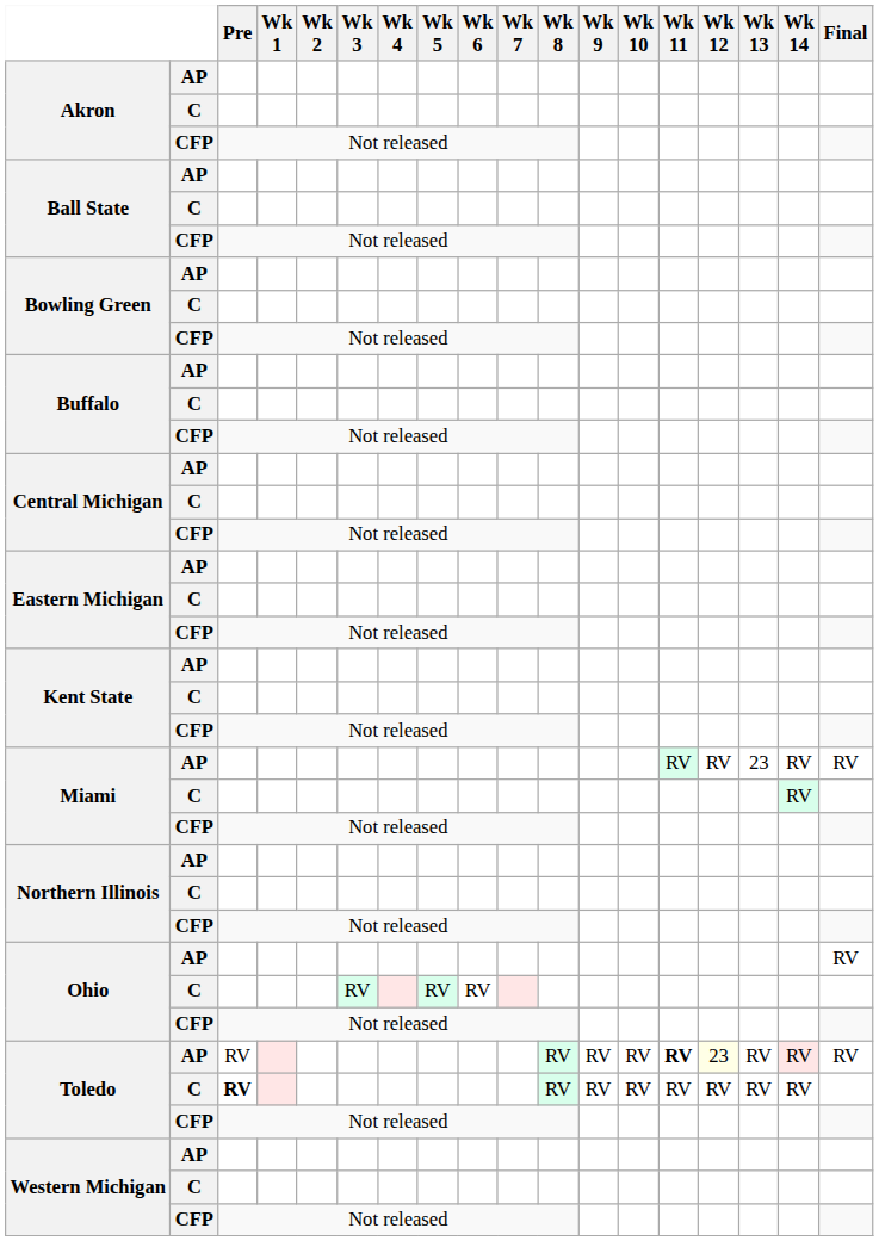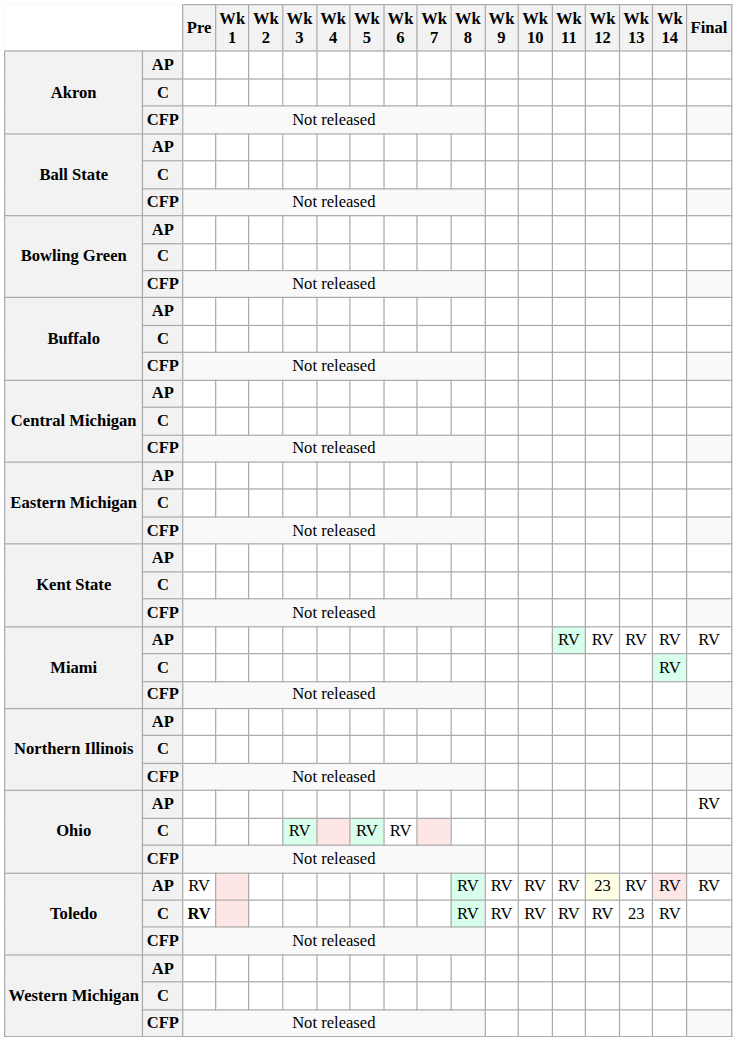 <table class="wikitable" style="white-space:nowrap;font-size:85%;">
 <tr>
 <th colspan=2 style="background:white; border-top-style:hidden; border-left-style:hidden;"> </th>
 <th>Pre</th>
 <th>Wk<br>1</th>
 <th>Wk<br>2</th>
 <th>Wk<br>3</th>
 <th>Wk<br>4</th>
 <th>Wk<br>5</th>
 <th>Wk<br>6</th>
 <th>Wk<br>7</th>
 <th>Wk<br>8</th>
 <th>Wk<br>9</th>
 <th>Wk<br>10</th>
 <th>Wk<br>11</th>
 <th>Wk<br>12</th>
 <th>Wk<br>13</th>
 <th>Wk<br>14</th>
 <th>Final</th>
 </tr>
 <tr style="text-align:center;">
 <th rowspan="3">Akron</th>
 <th>AP</th>
 <td style="background:#FFF;"></td>
 <td style="background:#FFF;"></td>
 <td style="background:#FFF;"></td>
 <td style="background:#FFF;"></td>
 <td style="background:#FFF;"></td>
 <td style="background:#FFF;"></td>
 <td style="background:#FFF;"></td>
 <td style="background:#FFF;"></td>
 <td style="background:#FFF;"></td>
 <td style="background:#FFF;"></td>
 <td style="background:#FFF;"></td>
 <td style="background:#FFF;"></td>
 <td style="background:#FFF;"></td>
 <td style="background:#FFF;"></td>
 <td style="background:#FFF;"></td>
 <td style="background:#FFF;"></td>
 </tr>
 <tr style="text-align:center;">
 <th>C</th>
 <td style="background:#FFF;"></td>
 <td style="background:#FFF;"></td>
 <td style="background:#FFF;"></td>
 <td style="background:#FFF;"></td>
 <td style="background:#FFF;"></td>
 <td style="background:#FFF;"></td>
 <td style="background:#FFF;"></td>
 <td style="background:#FFF;"></td>
 <td style="background:#FFF;"></td>
 <td style="background:#FFF;"></td>
 <td style="background:#FFF;"></td>
 <td style="background:#FFF;"></td>
 <td style="background:#FFF;"></td>
 <td style="background:#FFF;"></td>
 <td style="background:#FFF;"></td>
 <td style="background:#FFF;"></td>
 </tr>
 <tr style="text-align:center;">
 <th>CFP</th>
 <td colspan="9" style="text-align:center;">Not released</td>
 <td style="background:#FFF;"></td>
 <td style="background:#FFF;"></td>
 <td style="background:#FFF;"></td>
 <td style="background:#FFF;"></td>
 <td style="background:#FFF;"></td>
 <td style="background:#FFF;"></td>
 <td style="text-align:center;"></td>
 </tr>
 <tr style="text-align:center;">
 <th rowspan="3">Ball State</th>
 <th>AP</th>
 <td style="background:#FFF;"></td>
 <td style="background:#FFF;"></td>
 <td style="background:#FFF;"></td>
 <td style="background:#FFF;"></td>
 <td style="background:#FFF;"></td>
 <td style="background:#FFF;"></td>
 <td style="background:#FFF;"></td>
 <td style="background:#FFF;"></td>
 <td style="background:#FFF;"></td>
 <td style="background:#FFF;"></td>
 <td style="background:#FFF;"></td>
 <td style="background:#FFF;"></td>
 <td style="background:#FFF;"></td>
 <td style="background:#FFF;"></td>
 <td style="background:#FFF;"></td>
 <td style="background:#FFF;"></td>
 </tr>
 <tr style="text-align:center;">
 <th>C</th>
 <td style="background:#FFF;"></td>
 <td style="background:#FFF;"></td>
 <td style="background:#FFF;"></td>
 <td style="background:#FFF;"></td>
 <td style="background:#FFF;"></td>
 <td style="background:#FFF;"></td>
 <td style="background:#FFF;"></td>
 <td style="background:#FFF;"></td>
 <td style="background:#FFF;"></td>
 <td style="background:#FFF;"></td>
 <td style="background:#FFF;"></td>
 <td style="background:#FFF;"></td>
 <td style="background:#FFF;"></td>
 <td style="background:#FFF;"></td>
 <td style="background:#FFF;"></td>
 <td style="background:#FFF;"></td>
 </tr>
 <tr style="text-align:center;">
 <th>CFP</th>
 <td colspan="9" style="text-align:center;">Not released</td>
 <td style="background:#FFF;"></td>
 <td style="background:#FFF;"></td>
 <td style="background:#FFF;"></td>
 <td style="background:#FFF;"></td>
 <td style="background:#FFF;"></td>
 <td style="background:#FFF;"></td>
 <td style="text-align:center;"></td>
 </tr>
 <tr style="text-align:center;">
 <th rowspan="3">Bowling Green</th>
 <th>AP</th>
 <td style="background:#FFF;"></td>
 <td style="background:#FFF;"></td>
 <td style="background:#FFF;"></td>
 <td style="background:#FFF;"></td>
 <td style="background:#FFF;"></td>
 <td style="background:#FFF;"></td>
 <td style="background:#FFF;"></td>
 <td style="background:#FFF;"></td>
 <td style="background:#FFF;"></td>
 <td style="background:#FFF;"></td>
 <td style="background:#FFF;"></td>
 <td style="background:#FFF;"></td>
 <td style="background:#FFF;"></td>
 <td style="background:#FFF;"></td>
 <td style="background:#FFF;"></td>
 <td style="background:#FFF;"></td>
 </tr>
 <tr style="text-align:center;">
 <th>C</th>
 <td style="background:#FFF;"></td>
 <td style="background:#FFF;"></td>
 <td style="background:#FFF;"></td>
 <td style="background:#FFF;"></td>
 <td style="background:#FFF;"></td>
 <td style="background:#FFF;"></td>
 <td style="background:#FFF;"></td>
 <td style="background:#FFF;"></td>
 <td style="background:#FFF;"></td>
 <td style="background:#FFF;"></td>
 <td style="background:#FFF;"></td>
 <td style="background:#FFF;"></td>
 <td style="background:#FFF;"></td>
 <td style="background:#FFF;"></td>
 <td style="background:#FFF;"></td>
 <td style="background:#FFF;"></td>
 </tr>
 <tr style="text-align:center;">
 <th>CFP</th>
 <td colspan="9" style="text-align:center;">Not released</td>
 <td style="background:#FFF;"></td>
 <td style="background:#FFF;"></td>
 <td style="background:#FFF;"></td>
 <td style="background:#FFF;"></td>
 <td style="background:#FFF;"></td>
 <td style="background:#FFF;"></td>
 <td style="text-align:center;"></td>
 </tr>
 <tr style="text-align:center;">
 <th rowspan="3">Buffalo</th>
 <th>AP</th>
 <td style="background:#FFF;"></td>
 <td style="background:#FFF;"></td>
 <td style="background:#FFF;"></td>
 <td style="background:#FFF;"></td>
 <td style="background:#FFF;"></td>
 <td style="background:#FFF;"></td>
 <td style="background:#FFF;"></td>
 <td style="background:#FFF;"></td>
 <td style="background:#FFF;"></td>
 <td style="background:#FFF;"></td>
 <td style="background:#FFF;"></td>
 <td style="background:#FFF;"></td>
 <td style="background:#FFF;"></td>
 <td style="background:#FFF;"></td>
 <td style="background:#FFF;"></td>
 <td style="background:#FFF;"></td>
 </tr>
 <tr style="text-align:center;">
 <th>C</th>
 <td style="background:#FFF;"></td>
 <td style="background:#FFF;"></td>
 <td style="background:#FFF;"></td>
 <td style="background:#FFF;"></td>
 <td style="background:#FFF;"></td>
 <td style="background:#FFF;"></td>
 <td style="background:#FFF;"></td>
 <td style="background:#FFF;"></td>
 <td style="background:#FFF;"></td>
 <td style="background:#FFF;"></td>
 <td style="background:#FFF;"></td>
 <td style="background:#FFF;"></td>
 <td style="background:#FFF;"></td>
 <td style="background:#FFF;"></td>
 <td style="background:#FFF;"></td>
 <td style="background:#FFF;"></td>
 </tr>
 <tr style="text-align:center;">
 <th>CFP</th>
 <td colspan="9" style="text-align:center;">Not released</td>
 <td style="background:#FFF;"></td>
 <td style="background:#FFF;"></td>
 <td style="background:#FFF;"></td>
 <td style="background:#FFF;"></td>
 <td style="background:#FFF;"></td>
 <td style="background:#FFF;"></td>
 <td style="text-align:center;"></td>
 </tr>
 <tr style="text-align:center;">
 <th rowspan="3">Central Michigan</th>
 <th>AP</th>
 <td style="background:#FFF;"></td>
 <td style="background:#FFF;"></td>
 <td style="background:#FFF;"></td>
 <td style="background:#FFF;"></td>
 <td style="background:#FFF;"></td>
 <td style="background:#FFF;"></td>
 <td style="background:#FFF;"></td>
 <td style="background:#FFF;"></td>
 <td style="background:#FFF;"></td>
 <td style="background:#FFF;"></td>
 <td style="background:#FFF;"></td>
 <td style="background:#FFF;"></td>
 <td style="background:#FFF;"></td>
 <td style="background:#FFF;"></td>
 <td style="background:#FFF;"></td>
 <td style="background:#FFF;"></td>
 </tr>
 <tr style="text-align:center;">
 <th>C</th>
 <td style="background:#FFF;"></td>
 <td style="background:#FFF;"></td>
 <td style="background:#FFF;"></td>
 <td style="background:#FFF;"></td>
 <td style="background:#FFF;"></td>
 <td style="background:#FFF;"></td>
 <td style="background:#FFF;"></td>
 <td style="background:#FFF;"></td>
 <td style="background:#FFF;"></td>
 <td style="background:#FFF;"></td>
 <td style="background:#FFF;"></td>
 <td style="background:#FFF;"></td>
 <td style="background:#FFF;"></td>
 <td style="background:#FFF;"></td>
 <td style="background:#FFF;"></td>
 <td style="background:#FFF;"></td>
 </tr>
 <tr style="text-align:center;">
 <th>CFP</th>
 <td colspan="9" style="text-align:center;">Not released</td>
 <td style="background:#FFF;"></td>
 <td style="background:#FFF;"></td>
 <td style="background:#FFF;"></td>
 <td style="background:#FFF;"></td>
 <td style="background:#FFF;"></td>
 <td style="background:#FFF;"></td>
 <td style="text-align:center;"></td>
 </tr>
 <tr style="text-align:center;">
 <th rowspan="3">Eastern Michigan</th>
 <th>AP</th>
 <td style="background:#FFF;"></td>
 <td style="background:#FFF;"></td>
 <td style="background:#FFF;"></td>
 <td style="background:#FFF;"></td>
 <td style="background:#FFF;"></td>
 <td style="background:#FFF;"></td>
 <td style="background:#FFF;"></td>
 <td style="background:#FFF;"></td>
 <td style="background:#FFF;"></td>
 <td style="background:#FFF;"></td>
 <td style="background:#FFF;"></td>
 <td style="background:#FFF;"></td>
 <td style="background:#FFF;"></td>
 <td style="background:#FFF;"></td>
 <td style="background:#FFF;"></td>
 <td style="background:#FFF;"></td>
 </tr>
 <tr style="text-align:center;">
 <th>C</th>
 <td style="background:#FFF;"></td>
 <td style="background:#FFF;"></td>
 <td style="background:#FFF;"></td>
 <td style="background:#FFF;"></td>
 <td style="background:#FFF;"></td>
 <td style="background:#FFF;"></td>
 <td style="background:#FFF;"></td>
 <td style="background:#FFF;"></td>
 <td style="background:#FFF;"></td>
 <td style="background:#FFF;"></td>
 <td style="background:#FFF;"></td>
 <td style="background:#FFF;"></td>
 <td style="background:#FFF;"></td>
 <td style="background:#FFF;"></td>
 <td style="background:#FFF;"></td>
 <td style="background:#FFF;"></td>
 </tr>
 <tr style="text-align:center;">
 <th>CFP</th>
 <td colspan="9" style="text-align:center;">Not released</td>
 <td style="background:#FFF;"></td>
 <td style="background:#FFF;"></td>
 <td style="background:#FFF;"></td>
 <td style="background:#FFF;"></td>
 <td style="background:#FFF;"></td>
 <td style="background:#FFF;"></td>
 <td style="text-align:center;"></td>
 </tr>
 <tr style="text-align:center;">
 <th rowspan="3">Kent State</th>
 <th>AP</th>
 <td style="background:#FFF;"></td>
 <td style="background:#FFF;"></td>
 <td style="background:#FFF;"></td>
 <td style="background:#FFF;"></td>
 <td style="background:#FFF;"></td>
 <td style="background:#FFF;"></td>
 <td style="background:#FFF;"></td>
 <td style="background:#FFF;"></td>
 <td style="background:#FFF;"></td>
 <td style="background:#FFF;"></td>
 <td style="background:#FFF;"></td>
 <td style="background:#FFF;"></td>
 <td style="background:#FFF;"></td>
 <td style="background:#FFF;"></td>
 <td style="background:#FFF;"></td>
 <td style="background:#FFF;"></td>
 </tr>
 <tr style="text-align:center;">
 <th>C</th>
 <td style="background:#FFF;"></td>
 <td style="background:#FFF;"></td>
 <td style="background:#FFF;"></td>
 <td style="background:#FFF;"></td>
 <td style="background:#FFF;"></td>
 <td style="background:#FFF;"></td>
 <td style="background:#FFF;"></td>
 <td style="background:#FFF;"></td>
 <td style="background:#FFF;"></td>
 <td style="background:#FFF;"></td>
 <td style="background:#FFF;"></td>
 <td style="background:#FFF;"></td>
 <td style="background:#FFF;"></td>
 <td style="background:#FFF;"></td>
 <td style="background:#FFF;"></td>
 <td style="background:#FFF;"></td>
 </tr>
 <tr style="text-align:center;">
 <th>CFP</th>
 <td colspan="9" style="text-align:center;">Not released</td>
 <td style="background:#FFF;"></td>
 <td style="background:#FFF;"></td>
 <td style="background:#FFF;"></td>
 <td style="background:#FFF;"></td>
 <td style="background:#FFF;"></td>
 <td style="background:#FFF;"></td>
 <td style="text-align:center;"></td>
 </tr>
 <tr style="text-align:center;">
 <th rowspan="3">Miami</th>
 <th>AP</th>
 <td style="background:#FFF;"></td>
 <td style="background:#FFF;"></td>
 <td style="background:#FFF;"></td>
 <td style="background:#FFF;"></td>
 <td style="background:#FFF;"></td>
 <td style="background:#FFF;"></td>
 <td style="background:#FFF;"></td>
 <td style="background:#FFF;"></td>
 <td style="background:#FFF;"></td>
 <td style="background:#FFF;"></td>
 <td style="background:#FFF;"></td>
 <td style="background:#d8ffeb;">RV</td>
 <td style="background:#FFF;">RV</td>
-<td style="background:#FFF;">23</td>
+<td style="background:#FFF;">RV</td>
 <td style="background:#FFF;">RV</td>
 <td style="background:#FFF;">RV</td>
 </tr>
 <tr style="text-align:center;">
 <th>C</th>
 <td style="background:#FFF;"></td>
 <td style="background:#FFF;"></td>
 <td style="background:#FFF;"></td>
 <td style="background:#FFF;"></td>
 <td style="background:#FFF;"></td>
 <td style="background:#FFF;"></td>
 <td style="background:#FFF;"></td>
 <td style="background:#FFF;"></td>
 <td style="background:#FFF;"></td>
 <td style="background:#FFF;"></td>
 <td style="background:#FFF;"></td>
 <td style="background:#FFF;"></td>
 <td style="background:#FFF;"></td>
 <td style="background:#FFF;"></td>
 <td style="background:#d8ffeb;">RV</td>
 <td style="background:#FFF;"></td>
 </tr>
 <tr style="text-align:center;">
 <th>CFP</th>
 <td colspan="9" style="text-align:center;">Not released</td>
 <td style="background:#FFF;"></td>
 <td style="background:#FFF;"></td>
 <td style="background:#FFF;"></td>
 <td style="background:#FFF;"></td>
 <td style="background:#FFF;"></td>
 <td style="background:#FFF;"></td>
 <td style="text-align:center;"></td>
 </tr>
 <tr style="text-align:center;">
 <th rowspan="3">Northern Illinois</th>
 <th>AP</th>
 <td style="background:#FFF;"></td>
 <td style="background:#FFF;"></td>
 <td style="background:#FFF;"></td>
 <td style="background:#FFF;"></td>
 <td style="background:#FFF;"></td>
 <td style="background:#FFF;"></td>
 <td style="background:#FFF;"></td>
 <td style="background:#FFF;"></td>
 <td style="background:#FFF;"></td>
 <td style="background:#FFF;"></td>
 <td style="background:#FFF;"></td>
 <td style="background:#FFF;"></td>
 <td style="background:#FFF;"></td>
 <td style="background:#FFF;"></td>
 <td style="background:#FFF;"></td>
 <td style="background:#FFF;"></td>
 </tr>
 <tr style="text-align:center;">
 <th>C</th>
 <td style="background:#FFF;"></td>
 <td style="background:#FFF;"></td>
 <td style="background:#FFF;"></td>
 <td style="background:#FFF;"></td>
 <td style="background:#FFF;"></td>
 <td style="background:#FFF;"></td>
 <td style="background:#FFF;"></td>
 <td style="background:#FFF;"></td>
 <td style="background:#FFF;"></td>
 <td style="background:#FFF;"></td>
 <td style="background:#FFF;"></td>
 <td style="background:#FFF;"></td>
 <td style="background:#FFF;"></td>
 <td style="background:#FFF;"></td>
 <td style="background:#FFF;"></td>
 <td style="background:#FFF;"></td>
 </tr>
 <tr style="text-align:center;">
 <th>CFP</th>
 <td colspan="9" style="text-align:center;">Not released</td>
 <td style="background:#FFF;"></td>
 <td style="background:#FFF;"></td>
 <td style="background:#FFF;"></td>
 <td style="background:#FFF;"></td>
 <td style="background:#FFF;"></td>
 <td style="background:#FFF;"></td>
 <td style="text-align:center;"></td>
 </tr>
 <tr style="text-align:center;">
 <th rowspan="3">Ohio</th>
 <th>AP</th>
 <td style="background:#FFF;"></td>
 <td style="background:#FFF;"></td>
 <td style="background:#FFF;"></td>
 <td style="background:#FFF;"></td>
 <td style="background:#FFF;"></td>
 <td style="background:#FFF;"></td>
 <td style="background:#FFF;"></td>
 <td style="background:#FFF;"></td>
 <td style="background:#FFF;"></td>
 <td style="background:#FFF;"></td>
 <td style="background:#FFF;"></td>
 <td style="background:#FFF;"></td>
 <td style="background:#FFF;"></td>
 <td style="background:#FFF;"></td>
 <td style="background:#FFF;"></td>
 <td style="background:#FFF;">RV</td>
 </tr>
 <tr style="text-align:center;">
 <th>C</th>
 <td style="background:#FFF;"></td>
 <td style="background:#FFF;"></td>
 <td style="background:#FFF;"></td>
 <td style="background:#d8ffeb;">RV</td>
 <td style="background:#ffe6e6;"></td>
 <td style="background:#d8ffeb;">RV</td>
 <td style="background:#FFF;">RV</td>
 <td style="background:#ffe6e6;"></td>
 <td style="background:#FFF;"></td>
 <td style="background:#FFF;"></td>
 <td style="background:#FFF;"></td>
 <td style="background:#FFF;"></td>
 <td style="background:#FFF;"></td>
 <td style="background:#FFF;"></td>
 <td style="background:#FFF;"></td>
 <td style="background:#FFF;"></td>
 </tr>
 <tr style="text-align:center;">
 <th>CFP</th>
 <td colspan="9" style="text-align:center;">Not released</td>
 <td style="background:#FFF;"></td>
 <td style="background:#FFF;"></td>
 <td style="background:#FFF;"></td>
 <td style="background:#FFF;"></td>
 <td style="background:#FFF;"></td>
 <td style="background:#FFF;"></td>
 <td style="text-align:center;"></td>
 </tr>
 <tr style="text-align:center;">
 <th rowspan="3">Toledo</th>
 <th>AP</th>
 <td style="background:#FFF;">RV</td>
 <td style="background:#ffe6e6;"></td>
 <td style="background:#FFF;"></td>
 <td style="background:#FFF;"></td>
 <td style="background:#FFF;"></td>
 <td style="background:#FFF;"></td>
 <td style="background:#FFF;"></td>
 <td style="background:#FFF;"></td>
 <td style="background:#d8ffeb;">RV</td>
 <td style="background:#FFF;">RV</td>
 <td style="background:#FFF;">RV</td>
-<td style="background:#FFF;"><strong>RV</strong></td>
+<td style="background:#FFF;">RV</td>
 <td style="background:#ffffe6;">23</td>
 <td style="background:#FFF;">RV</td>
 <td style="background:#ffe6e6;">RV</td>
 <td style="background:#FFF;">RV</td>
 </tr>
 <tr style="text-align:center;">
 <th>C</th>
 <td style="background:#FFF;"><strong>RV</strong></td>
 <td style="background:#ffe6e6;"></td>
 <td style="background:#FFF;"></td>
 <td style="background:#FFF;"></td>
 <td style="background:#FFF;"></td>
 <td style="background:#FFF;"></td>
 <td style="background:#FFF;"></td>
 <td style="background:#FFF;"></td>
 <td style="background:#d8ffeb;">RV</td>
 <td style="background:#FFF;">RV</td>
 <td style="background:#FFF;">RV</td>
 <td style="background:#FFF;">RV</td>
 <td style="background:#FFF;">RV</td>
-<td style="background:#FFF;">RV</td>
+<td style="background:#FFF;">23</td>
 <td style="background:#FFF;">RV</td>
 <td style="background:#FFF;"></td>
 </tr>
 <tr style="text-align:center;">
 <th>CFP</th>
 <td colspan="9" style="text-align:center;">Not released</td>
 <td style="background:#FFF;"></td>
 <td style="background:#FFF;"></td>
 <td style="background:#FFF;"></td>
 <td style="background:#FFF;"></td>
 <td style="background:#FFF;"></td>
 <td style="background:#FFF;"></td>
 <td style="text-align:center;"></td>
 </tr>
 <tr style="text-align:center;">
 <th rowspan="3">Western Michigan</th>
 <th>AP</th>
 <td style="background:#FFF;"></td>
 <td style="background:#FFF;"></td>
 <td style="background:#FFF;"></td>
 <td style="background:#FFF;"></td>
 <td style="background:#FFF;"></td>
 <td style="background:#FFF;"></td>
 <td style="background:#FFF;"></td>
 <td style="background:#FFF;"></td>
 <td style="background:#FFF;"></td>
 <td style="background:#FFF;"></td>
 <td style="background:#FFF;"></td>
 <td style="background:#FFF;"></td>
 <td style="background:#FFF;"></td>
 <td style="background:#FFF;"></td>
 <td style="background:#FFF;"></td>
 <td style="background:#FFF;"></td>
 </tr>
 <tr style="text-align:center;">
 <th>C</th>
 <td style="background:#FFF;"></td>
 <td style="background:#FFF;"></td>
 <td style="background:#FFF;"></td>
 <td style="background:#FFF;"></td>
 <td style="background:#FFF;"></td>
 <td style="background:#FFF;"></td>
 <td style="background:#FFF;"></td>
 <td style="background:#FFF;"></td>
 <td style="background:#FFF;"></td>
 <td style="background:#FFF;"></td>
 <td style="background:#FFF;"></td>
 <td style="background:#FFF;"></td>
 <td style="background:#FFF;"></td>
 <td style="background:#FFF;"></td>
 <td style="background:#FFF;"></td>
 <td style="background:#FFF;"></td>
 </tr>
 <tr style="text-align:center;">
 <th>CFP</th>
 <td colspan="9" style="text-align:center;">Not released</td>
 <td style="background:#FFF;"></td>
 <td style="background:#FFF;"></td>
 <td style="background:#FFF;"></td>
 <td style="background:#FFF;"></td>
 <td style="background:#FFF;"></td>
 <td style="background:#FFF;"></td>
 <td style="text-align:center;"></td>
 </tr>
 <tr style="text-align:center;">
 </tr>
 </table>
